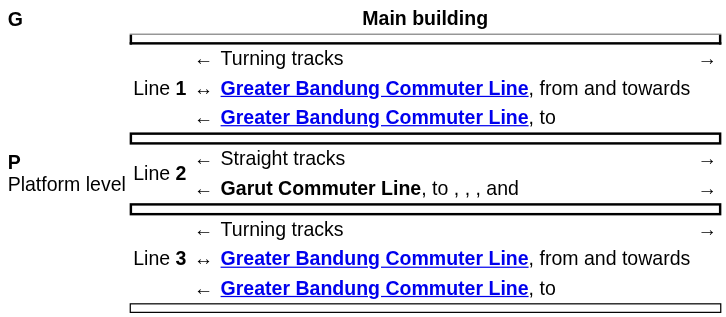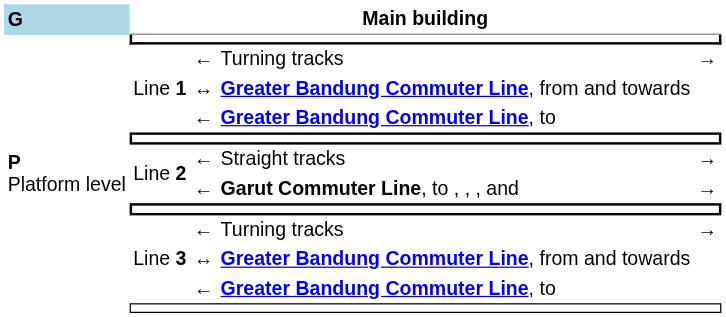 <table cellspacing="0" cellpadding="3">
 <tr>
 <td colspan="5" align="center"> </td>
 </tr>
 <tr>
-<td><strong>G</strong></td>
+<td style="background: lightblue;"><strong>G</strong></td>
 <td colspan="4" style="border-bottom:solid 1px gray;text-align:center"><strong>Main building</strong></td>
 </tr>
 <tr>
 <td rowspan="12"><strong>P</strong><br>Platform level</td>
 <td colspan="4" style="text-align:center; border:solid 2px black; border-top:none"></td>
 </tr>
 <tr>
 <td rowspan="3">Line <strong>1</strong></td>
 <td>←</td>
 <td>Turning tracks</td>
 <td>→</td>
 </tr>
 <tr>
 <td>↔ </td>
 <td> <strong><a href='#'>Greater Bandung Commuter Line</a></strong>, from and towards </td>
 <td rowspan="2"></td>
 </tr>
 <tr>
 <td>← </td>
 <td> <strong><a href='#'>Greater Bandung Commuter Line</a></strong>, to </td>
 </tr>
 <tr>
 <td colspan="4" style="text-align:center; border:solid 2px black;"></td>
 </tr>
 <tr>
 <td rowspan="2">Line <strong>2</strong></td>
 <td>←</td>
 <td>Straight tracks</td>
 <td>→</td>
 </tr>
 <tr>
 <td>← </td>
 <td> <strong>Garut Commuter Line</strong>, to , , , and </td>
 <td> →</td>
 </tr>
 <tr>
 <td colspan="4" style="text-align:center; border:solid 2px black;"></td>
 </tr>
 <tr>
 <td rowspan="3">Line <strong>3</strong></td>
 <td>←</td>
 <td>Turning tracks</td>
 <td>→</td>
 </tr>
 <tr>
 <td>↔ </td>
 <td> <strong><a href='#'>Greater Bandung Commuter Line</a></strong>, from and towards </td>
 <td rowspan="2"></td>
 </tr>
 <tr>
 <td>← </td>
 <td> <strong><a href='#'>Greater Bandung Commuter Line</a></strong>, to </td>
 </tr>
 <tr>
 <td colspan="4" style="text-align:center; border:solid 1px black;"></td>
 </tr>
 </table>
